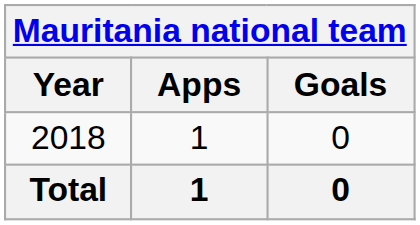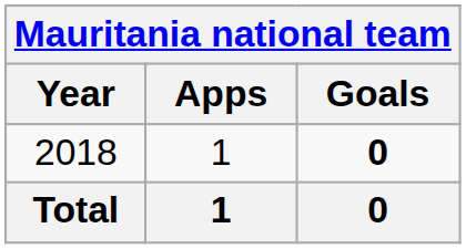 <table class="wikitable" style="text-align:center">
 <tr>
 <th colspan=3><a href='#'>Mauritania national team</a></th>
 </tr>
 <tr>
 <th>Year</th>
 <th>Apps</th>
 <th>Goals</th>
 </tr>
 <tr>
 <td>2018</td>
 <td>1</td>
-<td>0</td>
+<td><strong>0</strong></td>
 </tr>
 <tr>
 <th>Total</th>
 <th>1</th>
 <th>0</th>
 </tr>
 </table>
